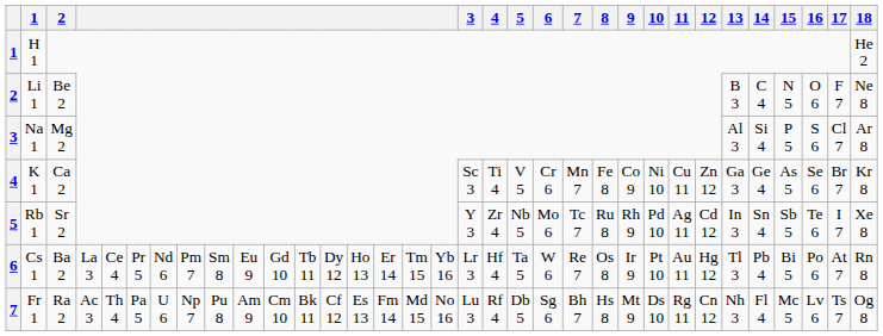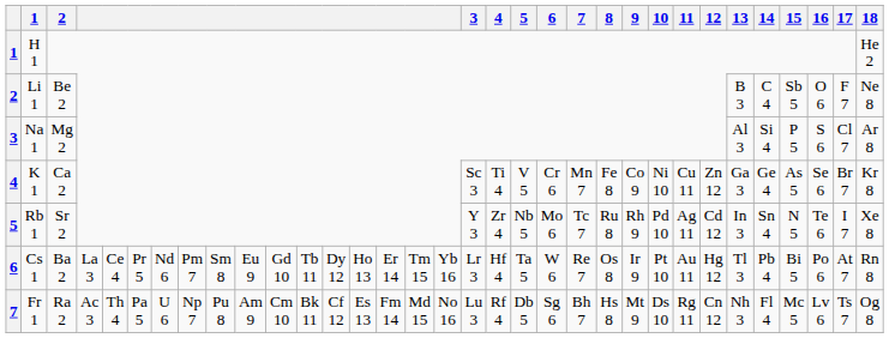 <table class="wikitable" style="margin:auto;text-align:center;">
 <tr>
 <th></th>
 <th><a href='#'>1</a></th>
 <th><a href='#'>2</a></th>
 <th colspan=14></th>
 <th><a href='#'>3</a></th>
 <th><a href='#'>4</a></th>
 <th><a href='#'>5</a></th>
 <th><a href='#'>6</a></th>
 <th><a href='#'>7</a></th>
 <th><a href='#'>8</a></th>
 <th><a href='#'>9</a></th>
 <th><a href='#'>10</a></th>
 <th><a href='#'>11</a></th>
 <th><a href='#'>12</a></th>
 <th><a href='#'>13</a></th>
 <th><a href='#'>14</a></th>
 <th><a href='#'>15</a></th>
 <th><a href='#'>16</a></th>
 <th><a href='#'>17</a></th>
 <th><a href='#'>18</a></th>
 </tr>
 <tr>
 <th><a href='#'>1</a></th>
 <td>H<br>1</td>
 <td colspan=30 style="border-width:0"></td>
 <td>He<br>2</td>
 </tr>
 <tr>
 <th><a href='#'>2</a></th>
 <td>Li<br>1</td>
 <td>Be<br>2</td>
 <td colspan=24 style="border-width:0"></td>
 <td>B<br>3</td>
 <td>C<br>4</td>
-<td>N<br>5</td>
+<td>Sb<br>5</td>
 <td>O<br>6</td>
 <td>F<br>7</td>
 <td>Ne<br>8</td>
 </tr>
 <tr>
 <th><a href='#'>3</a></th>
 <td>Na<br>1</td>
 <td>Mg<br>2</td>
 <td colspan=24 style="border-width:0"></td>
 <td>Al<br>3</td>
 <td>Si<br>4</td>
 <td>P<br>5</td>
 <td>S<br>6</td>
 <td>Cl<br>7</td>
 <td>Ar<br>8</td>
 </tr>
 <tr>
 <th><a href='#'>4</a></th>
 <td>K<br>1</td>
 <td>Ca<br>2</td>
 <td colspan=14 style="border-width:0"></td>
 <td>Sc<br>3</td>
 <td>Ti<br>4</td>
 <td>V<br>5</td>
 <td>Cr<br>6</td>
 <td>Mn<br>7</td>
 <td>Fe<br>8</td>
 <td>Co<br>9</td>
 <td>Ni<br>10</td>
 <td>Cu<br>11</td>
 <td>Zn<br>12</td>
 <td>Ga<br>3</td>
 <td>Ge<br>4</td>
 <td>As<br>5</td>
 <td>Se<br>6</td>
 <td>Br<br>7</td>
 <td>Kr<br>8</td>
 </tr>
 <tr>
 <th><a href='#'>5</a></th>
 <td>Rb<br>1</td>
 <td>Sr<br>2</td>
 <td colspan=14 style="border-width:0"></td>
 <td>Y<br>3</td>
 <td>Zr<br>4</td>
 <td>Nb<br>5</td>
 <td>Mo<br>6</td>
 <td>Tc<br>7</td>
 <td>Ru<br>8</td>
 <td>Rh<br>9</td>
 <td>Pd<br>10</td>
 <td>Ag<br>11</td>
 <td>Cd<br>12</td>
 <td>In<br>3</td>
 <td>Sn<br>4</td>
-<td>Sb<br>5</td>
+<td>N<br>5</td>
 <td>Te<br>6</td>
 <td>I<br>7</td>
 <td>Xe<br>8</td>
 </tr>
 <tr>
 <th><a href='#'>6</a></th>
 <td>Cs<br>1</td>
 <td>Ba<br>2</td>
 <td>La<br>3</td>
 <td>Ce<br>4</td>
 <td>Pr<br>5</td>
 <td>Nd<br>6</td>
 <td>Pm<br>7</td>
 <td>Sm<br>8</td>
 <td>Eu<br>9</td>
 <td>Gd<br>10</td>
 <td>Tb<br>11</td>
 <td>Dy<br>12</td>
 <td>Ho<br>13</td>
 <td>Er<br>14</td>
 <td>Tm<br>15</td>
 <td>Yb<br>16</td>
 <td>Lr<br>3</td>
 <td>Hf<br>4</td>
 <td>Ta<br>5</td>
 <td>W<br>6</td>
 <td>Re<br>7</td>
 <td>Os<br>8</td>
 <td>Ir<br>9</td>
 <td>Pt<br>10</td>
 <td>Au<br>11</td>
 <td>Hg<br>12</td>
 <td>Tl<br>3</td>
 <td>Pb<br>4</td>
 <td>Bi<br>5</td>
 <td>Po<br>6</td>
 <td>At<br>7</td>
 <td>Rn<br>8</td>
 </tr>
 <tr>
 <th><a href='#'>7</a></th>
 <td>Fr<br>1</td>
 <td>Ra<br>2</td>
 <td>Ac<br>3</td>
 <td>Th<br>4</td>
 <td>Pa<br>5</td>
 <td>U<br>6</td>
 <td>Np<br>7</td>
 <td>Pu<br>8</td>
 <td>Am<br>9</td>
 <td>Cm<br>10</td>
 <td>Bk<br>11</td>
 <td>Cf<br>12</td>
 <td>Es<br>13</td>
 <td>Fm<br>14</td>
 <td>Md<br>15</td>
 <td>No<br>16</td>
 <td>Lu<br>3</td>
 <td>Rf<br>4</td>
 <td>Db<br>5</td>
 <td>Sg<br>6</td>
 <td>Bh<br>7</td>
 <td>Hs<br>8</td>
 <td>Mt<br>9</td>
 <td>Ds<br>10</td>
 <td>Rg<br>11</td>
 <td>Cn<br>12</td>
 <td>Nh<br>3</td>
 <td>Fl<br>4</td>
 <td>Mc<br>5</td>
 <td>Lv<br>6</td>
 <td>Ts<br>7</td>
 <td>Og<br>8</td>
 </tr>
 </table>
